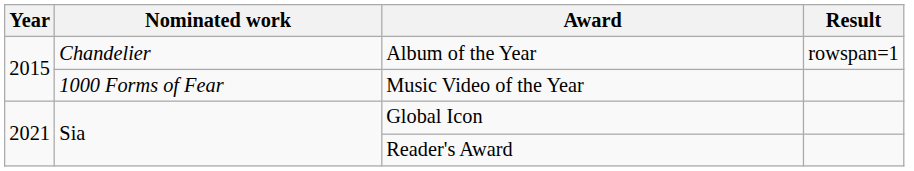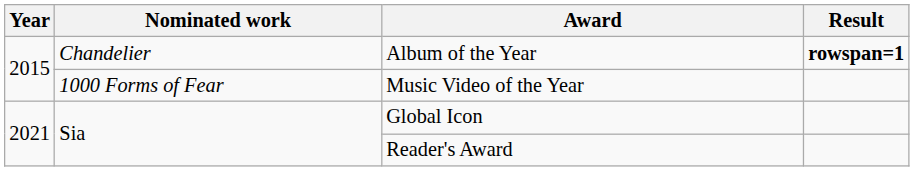 <table class= "wikitable">
 <tr>
 <th>Year</th>
 <th style="width:250px;">Nominated work</th>
 <th style="width:325px;">Award</th>
 <th width="65">Result</th>
 </tr>
 <tr>
 <td style="text-align:center;" rowspan="2">2015</td>
 <td><em>Chandelier</em></td>
 <td>Album of the Year</td>
-<td>rowspan=1 </td>
+<td><strong>rowspan=1 </strong></td>
 </tr>
 <tr>
 <td><em>1000 Forms of Fear</em></td>
 <td>Music Video of the Year</td>
 <td></td>
 </tr>
 <tr>
 <td rowspan="2">2021</td>
 <td rowspan="2">Sia</td>
 <td>Global Icon</td>
 <td></td>
 </tr>
 <tr>
 <td>Reader's Award</td>
 <td></td>
 </tr>
 </table>
